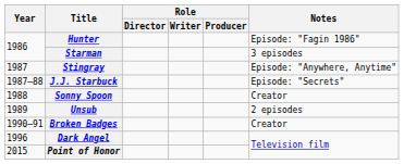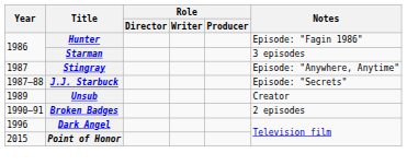 <table class="wikitable">
 <tr>
 <th rowspan="2">Year</th>
 <th rowspan="2">Title</th>
 <th colspan="3">Role</th>
 <th rowspan="2">Notes</th>
 </tr>
 <tr>
 <th scope="col">Director</th>
 <th scope="col">Writer</th>
 <th scope="col">Producer</th>
 </tr>
 <tr>
 <td rowspan="2">1986</td>
 <th scope="row"><a href='#'><em>Hunter</em></a></th>
 <td></td>
 <td></td>
 <td></td>
 <td>Episode: "Fagin 1986"</td>
 </tr>
 <tr>
 <th scope="row"><a href='#'><em>Starman</em></a></th>
 <td></td>
 <td></td>
 <td></td>
 <td>3 episodes</td>
 </tr>
 <tr>
 <td>1987</td>
 <th scope="row"><a href='#'><em>Stingray</em></a></th>
 <td></td>
 <td></td>
 <td></td>
 <td>Episode: "Anywhere, Anytime"</td>
 </tr>
 <tr>
 <td>1987–88</td>
 <th scope="row"><em><a href='#'>J.J. Starbuck</a></em></th>
 <td></td>
 <td></td>
 <td></td>
 <td>Episode: "Secrets"</td>
 </tr>
 <tr>
-<td>1988</td>
-<th scope="row"><em><a href='#'>Sonny Spoon</a></em></th>
-<td></td>
-<td></td>
-<td></td>
-<td>Creator</td>
-</tr>
-<tr>
 <td>1989</td>
 <th scope="row"><a href='#'><em>Unsub</em></a></th>
 <td></td>
 <td></td>
 <td></td>
-<td>2 episodes</td>
+<td>Creator</td>
 </tr>
 <tr>
 <td>1990–91</td>
 <th scope="row"><em><a href='#'>Broken Badges</a></em></th>
 <td></td>
 <td></td>
 <td></td>
-<td>Creator</td>
+<td>2 episodes</td>
 </tr>
 <tr>
 <td>1996</td>
 <th scope="row"><em><a href='#'>Dark Angel</a></em></th>
 <td></td>
 <td></td>
 <td></td>
 <td rowspan="2"><a href='#'>Television film</a></td>
 </tr>
 <tr>
 <td>2015</td>
 <th scope="row"><em>Point of Honor</em></th>
 <td></td>
 <td></td>
 <td></td>
 </tr>
 </table>
